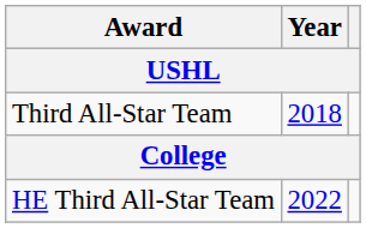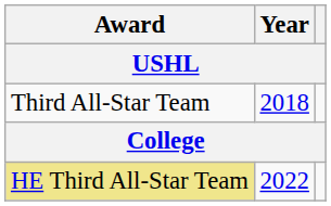 <table class="wikitable">
 <tr>
 <th>Award</th>
 <th>Year</th>
 <th></th>
 </tr>
 <tr>
 <th colspan="3"><a href='#'>USHL</a></th>
 </tr>
 <tr>
 <td>Third All-Star Team</td>
 <td><a href='#'>2018</a></td>
 <td></td>
 </tr>
 <tr>
 <th colspan="3"><a href='#'>College</a></th>
 </tr>
 <tr>
-<td><a href='#'>HE</a> Third All-Star Team</td>
+<td style="background: khaki;"><a href='#'>HE</a> Third All-Star Team</td>
 <td><a href='#'>2022</a></td>
 <td></td>
 </tr>
 </table>
